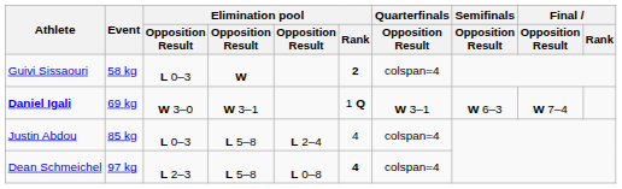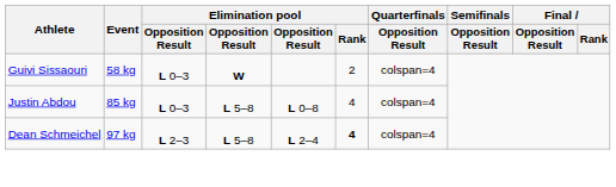 <table class=wikitable style=font-size:90%;text-align:center>
 <tr>
 <th rowspan=2>Athlete</th>
 <th rowspan=2>Event</th>
 <th colspan=4>Elimination pool</th>
 <th>Quarterfinals</th>
 <th>Semifinals</th>
 <th colspan=2>Final / </th>
 </tr>
 <tr style=font-size:95%>
 <th>Opposition<br>Result</th>
 <th>Opposition<br>Result</th>
 <th>Opposition<br>Result</th>
 <th>Rank</th>
 <th>Opposition<br>Result</th>
 <th>Opposition<br>Result</th>
 <th>Opposition<br>Result</th>
 <th>Rank</th>
 </tr>
 <tr>
 <td align=left><a href='#'>Guivi Sissaouri</a></td>
 <td align=left><a href='#'>58 kg</a></td>
 <td><br><strong>L</strong> 0–3</td>
 <td><br><strong>W</strong></td>
 <td></td>
-<td><strong>2</strong></td>
+<td>2</td>
 <td>colspan=4 </td>
-</tr>
-<tr>
-<td align=left><strong><a href='#'>Daniel Igali</a></strong></td>
-<td align=left><a href='#'>69 kg</a></td>
-<td><br><strong>W</strong> 3–0</td>
-<td><br><strong>W</strong> 3–1</td>
-<td></td>
-<td>1 <strong>Q</strong></td>
-<td><br><strong>W</strong> 3–1</td>
-<td><br><strong>W</strong> 6–3</td>
-<td><br><strong>W</strong> 7–4</td>
-<td></td>
 </tr>
 <tr>
 <td align=left><a href='#'>Justin Abdou</a></td>
 <td align=left><a href='#'>85 kg</a></td>
 <td><br><strong>L</strong> 0–3</td>
 <td><br><strong>L</strong> 5–8</td>
-<td><br><strong>L</strong> 2–4</td>
+<td><br><strong>L</strong> 0–8</td>
 <td>4</td>
 <td>colspan=4 </td>
 </tr>
 <tr>
 <td align=left><a href='#'>Dean Schmeichel</a></td>
 <td align=left><a href='#'>97 kg</a></td>
 <td><br><strong>L</strong> 2–3</td>
 <td><br><strong>L</strong> 5–8</td>
-<td><br><strong>L</strong> 0–8</td>
+<td><br><strong>L</strong> 2–4</td>
 <td><strong>4</strong></td>
 <td>colspan=4 </td>
 </tr>
 </table>
